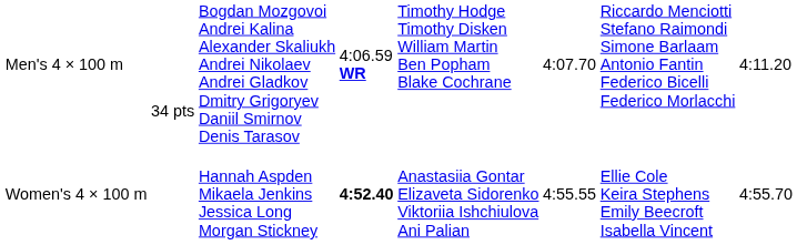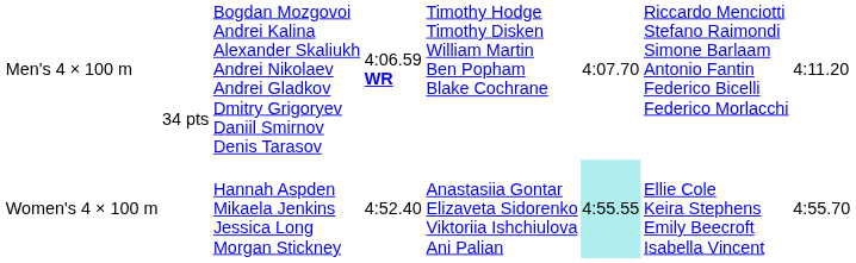 <table>
 <tr>
 <td>Men's 4 × 100 m<br></td>
 <td rowspan=2>34 pts</td>
 <td><br><a href='#'>Bogdan Mozgovoi</a><br><a href='#'>Andrei Kalina</a><br><a href='#'>Alexander Skaliukh</a><br><a href='#'>Andrei Nikolaev</a><br><a href='#'>Andrei Gladkov</a><br><a href='#'>Dmitry Grigoryev</a><br><a href='#'>Daniil Smirnov</a><br><a href='#'>Denis Tarasov</a></td>
 <td>4:06.59<br><strong><a href='#'>WR</a></strong></td>
 <td valign=top><br><a href='#'>Timothy Hodge</a><br><a href='#'>Timothy Disken</a><br><a href='#'>William Martin</a><br><a href='#'>Ben Popham</a><br><a href='#'>Blake Cochrane</a></td>
 <td>4:07.70</td>
 <td valign=top><br><a href='#'>Riccardo Menciotti</a><br><a href='#'>Stefano Raimondi</a><br><a href='#'>Simone Barlaam</a><br><a href='#'>Antonio Fantin</a><br><a href='#'>Federico Bicelli</a><br><a href='#'>Federico Morlacchi</a></td>
 <td>4:11.20</td>
 </tr>
 <tr>
 <td nowrap>Women's 4 × 100 m<br></td>
 <td><br><a href='#'>Hannah Aspden</a><br><a href='#'>Mikaela Jenkins</a><br><a href='#'>Jessica Long</a><br><a href='#'>Morgan Stickney</a></td>
-<td><strong>4:52.40</strong></td>
+<td>4:52.40</td>
 <td><br><a href='#'>Anastasiia Gontar</a><br><a href='#'>Elizaveta Sidorenko</a><br><a href='#'>Viktoriia Ishchiulova</a><br><a href='#'>Ani Palian</a></td>
-<td>4:55.55</td>
+<td style="background: paleturquoise;">4:55.55</td>
 <td><br><a href='#'>Ellie Cole</a><br><a href='#'>Keira Stephens</a><br><a href='#'>Emily Beecroft</a><br><a href='#'>Isabella Vincent</a></td>
 <td>4:55.70</td>
 </tr>
 </table>
